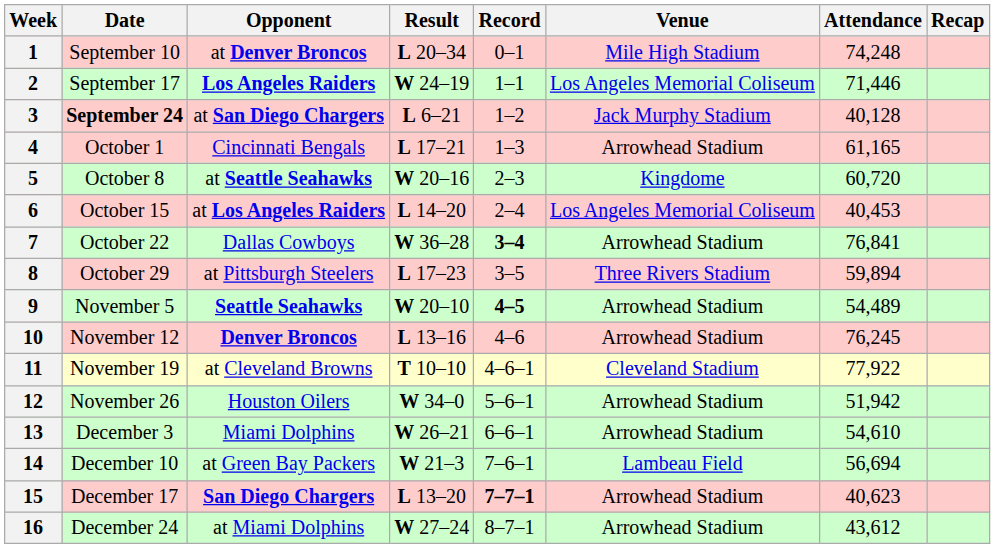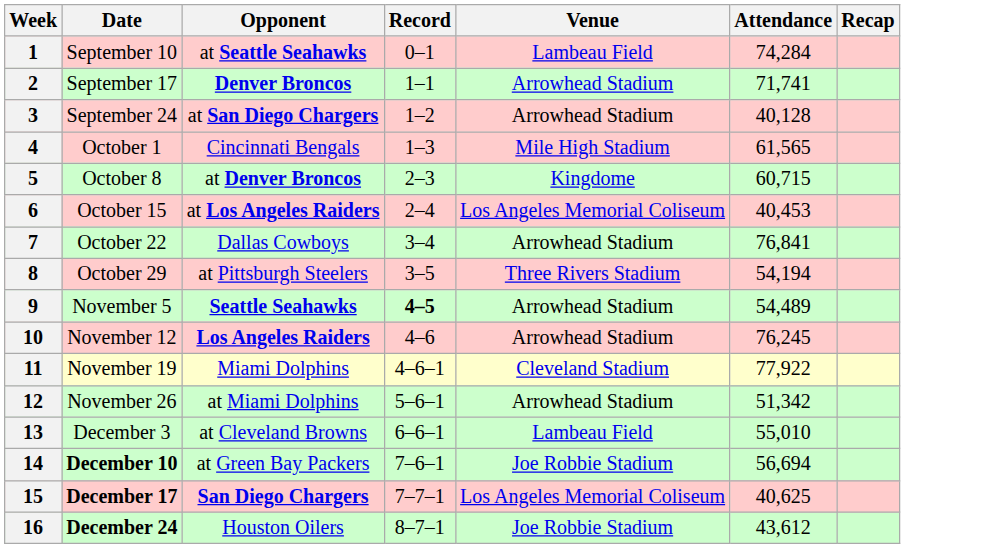 <table class="wikitable" style="text-align:center">
 <tr>
 <th>Week</th>
 <th>Date</th>
 <th>Opponent</th>
-<th>Result</th>
 <th>Record</th>
 <th>Venue</th>
 <th>Attendance</th>
 <th>Recap</th>
 </tr>
 <tr style="background:#fcc">
 <th>1</th>
 <td>September 10</td>
-<td>at <strong><a href='#'>Denver Broncos</a></strong></td>
-<td><strong>L</strong> 20–34</td>
+<td>at <strong><a href='#'>Seattle Seahawks</a></strong></td>
 <td>0–1</td>
-<td><a href='#'>Mile High Stadium</a></td>
-<td>74,248</td>
+<td><a href='#'>Lambeau Field</a></td>
+<td>74,284</td>
 <td></td>
 </tr>
 <tr style="background:#cfc">
 <th>2</th>
 <td>September 17</td>
-<td><strong><a href='#'>Los Angeles Raiders</a></strong></td>
-<td><strong>W</strong> 24–19</td>
+<td><strong><a href='#'>Denver Broncos</a></strong></td>
 <td>1–1</td>
-<td><a href='#'>Los Angeles Memorial Coliseum</a></td>
-<td>71,446</td>
+<td><a href='#'>Arrowhead Stadium</a></td>
+<td>71,741</td>
 <td></td>
 </tr>
 <tr style="background:#fcc">
 <th>3</th>
-<td><strong>September 24</strong></td>
+<td>September 24</td>
 <td>at <strong><a href='#'>San Diego Chargers</a></strong></td>
-<td><strong>L</strong> 6–21</td>
 <td>1–2</td>
-<td><a href='#'>Jack Murphy Stadium</a></td>
+<td>Arrowhead Stadium</td>
 <td>40,128</td>
 <td></td>
 </tr>
 <tr style="background:#fcc">
 <th>4</th>
 <td>October 1</td>
 <td><a href='#'>Cincinnati Bengals</a></td>
-<td><strong>L</strong> 17–21</td>
 <td>1–3</td>
-<td>Arrowhead Stadium</td>
-<td>61,165</td>
+<td><a href='#'>Mile High Stadium</a></td>
+<td>61,565</td>
 <td></td>
 </tr>
 <tr style="background:#cfc">
 <th>5</th>
 <td>October 8</td>
-<td>at <strong><a href='#'>Seattle Seahawks</a></strong></td>
-<td><strong>W</strong> 20–16</td>
+<td>at <strong><a href='#'>Denver Broncos</a></strong></td>
 <td>2–3</td>
 <td><a href='#'>Kingdome</a></td>
-<td>60,720</td>
+<td>60,715</td>
 <td></td>
 </tr>
 <tr style="background:#fcc">
 <th>6</th>
 <td>October 15</td>
 <td>at <strong><a href='#'>Los Angeles Raiders</a></strong></td>
-<td><strong>L</strong> 14–20</td>
 <td>2–4</td>
 <td><a href='#'>Los Angeles Memorial Coliseum</a></td>
 <td>40,453</td>
 <td></td>
 </tr>
 <tr style="background:#cfc">
 <th>7</th>
 <td>October 22</td>
 <td><a href='#'>Dallas Cowboys</a></td>
-<td><strong>W</strong> 36–28</td>
-<td><strong>3–4</strong></td>
+<td>3–4</td>
 <td>Arrowhead Stadium</td>
 <td>76,841</td>
 <td></td>
 </tr>
 <tr style="background:#fcc">
 <th>8</th>
 <td>October 29</td>
 <td>at <a href='#'>Pittsburgh Steelers</a></td>
-<td><strong>L</strong> 17–23</td>
 <td>3–5</td>
 <td><a href='#'>Three Rivers Stadium</a></td>
-<td>59,894</td>
+<td>54,194</td>
 <td></td>
 </tr>
 <tr style="background:#cfc">
 <th>9</th>
 <td>November 5</td>
 <td><strong><a href='#'>Seattle Seahawks</a></strong></td>
-<td><strong>W</strong> 20–10</td>
 <td><strong>4–5</strong></td>
 <td>Arrowhead Stadium</td>
 <td>54,489</td>
 <td></td>
 </tr>
 <tr style="background:#fcc">
 <th>10</th>
 <td>November 12</td>
-<td><strong><a href='#'>Denver Broncos</a></strong></td>
-<td><strong>L</strong> 13–16</td>
+<td><strong><a href='#'>Los Angeles Raiders</a></strong></td>
 <td>4–6</td>
 <td>Arrowhead Stadium</td>
 <td>76,245</td>
 <td></td>
 </tr>
 <tr style="background:#ffc">
 <th>11</th>
 <td>November 19</td>
-<td>at <a href='#'>Cleveland Browns</a></td>
-<td><strong>T</strong> 10–10 </td>
+<td><a href='#'>Miami Dolphins</a></td>
 <td>4–6–1</td>
 <td><a href='#'>Cleveland Stadium</a></td>
 <td>77,922</td>
 <td></td>
 </tr>
 <tr style="background:#cfc">
 <th>12</th>
 <td>November 26</td>
-<td><a href='#'>Houston Oilers</a></td>
-<td><strong>W</strong> 34–0</td>
+<td>at <a href='#'>Miami Dolphins</a></td>
 <td>5–6–1</td>
 <td>Arrowhead Stadium</td>
-<td>51,942</td>
+<td>51,342</td>
 <td></td>
 </tr>
 <tr style="background:#cfc">
 <th>13</th>
 <td>December 3</td>
-<td><a href='#'>Miami Dolphins</a></td>
-<td><strong>W</strong> 26–21</td>
+<td>at <a href='#'>Cleveland Browns</a></td>
 <td>6–6–1</td>
-<td>Arrowhead Stadium</td>
-<td>54,610</td>
+<td><a href='#'>Lambeau Field</a></td>
+<td>55,010</td>
 <td></td>
 </tr>
 <tr style="background:#cfc">
 <th>14</th>
-<td>December 10</td>
+<td><strong>December 10</strong></td>
 <td>at <a href='#'>Green Bay Packers</a></td>
-<td><strong>W</strong> 21–3</td>
 <td>7–6–1</td>
-<td><a href='#'>Lambeau Field</a></td>
+<td><a href='#'>Joe Robbie Stadium</a></td>
 <td>56,694</td>
 <td></td>
 </tr>
 <tr style="background:#fcc">
 <th>15</th>
-<td>December 17</td>
+<td><strong>December 17</strong></td>
 <td><strong><a href='#'>San Diego Chargers</a></strong></td>
-<td><strong>L</strong> 13–20</td>
-<td><strong>7–7–1</strong></td>
-<td>Arrowhead Stadium</td>
-<td>40,623</td>
+<td>7–7–1</td>
+<td><a href='#'>Los Angeles Memorial Coliseum</a></td>
+<td>40,625</td>
 <td></td>
 </tr>
 <tr style="background:#cfc">
 <th>16</th>
-<td>December 24</td>
-<td>at <a href='#'>Miami Dolphins</a></td>
-<td><strong>W</strong> 27–24</td>
+<td><strong>December 24</strong></td>
+<td><a href='#'>Houston Oilers</a></td>
 <td>8–7–1</td>
-<td>Arrowhead Stadium</td>
+<td><a href='#'>Joe Robbie Stadium</a></td>
 <td>43,612</td>
 <td></td>
 </tr>
 </table>
